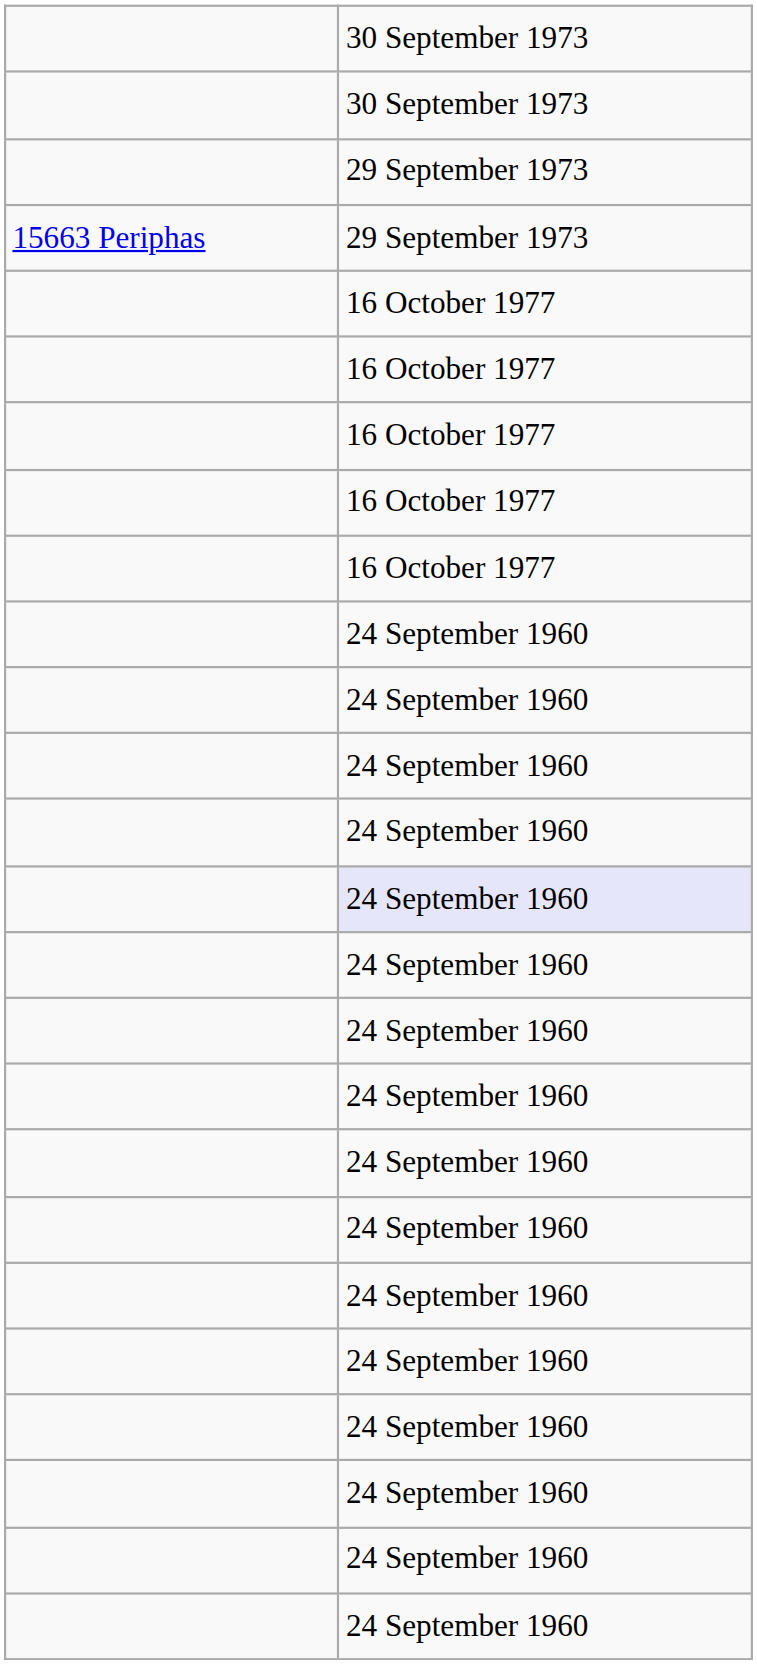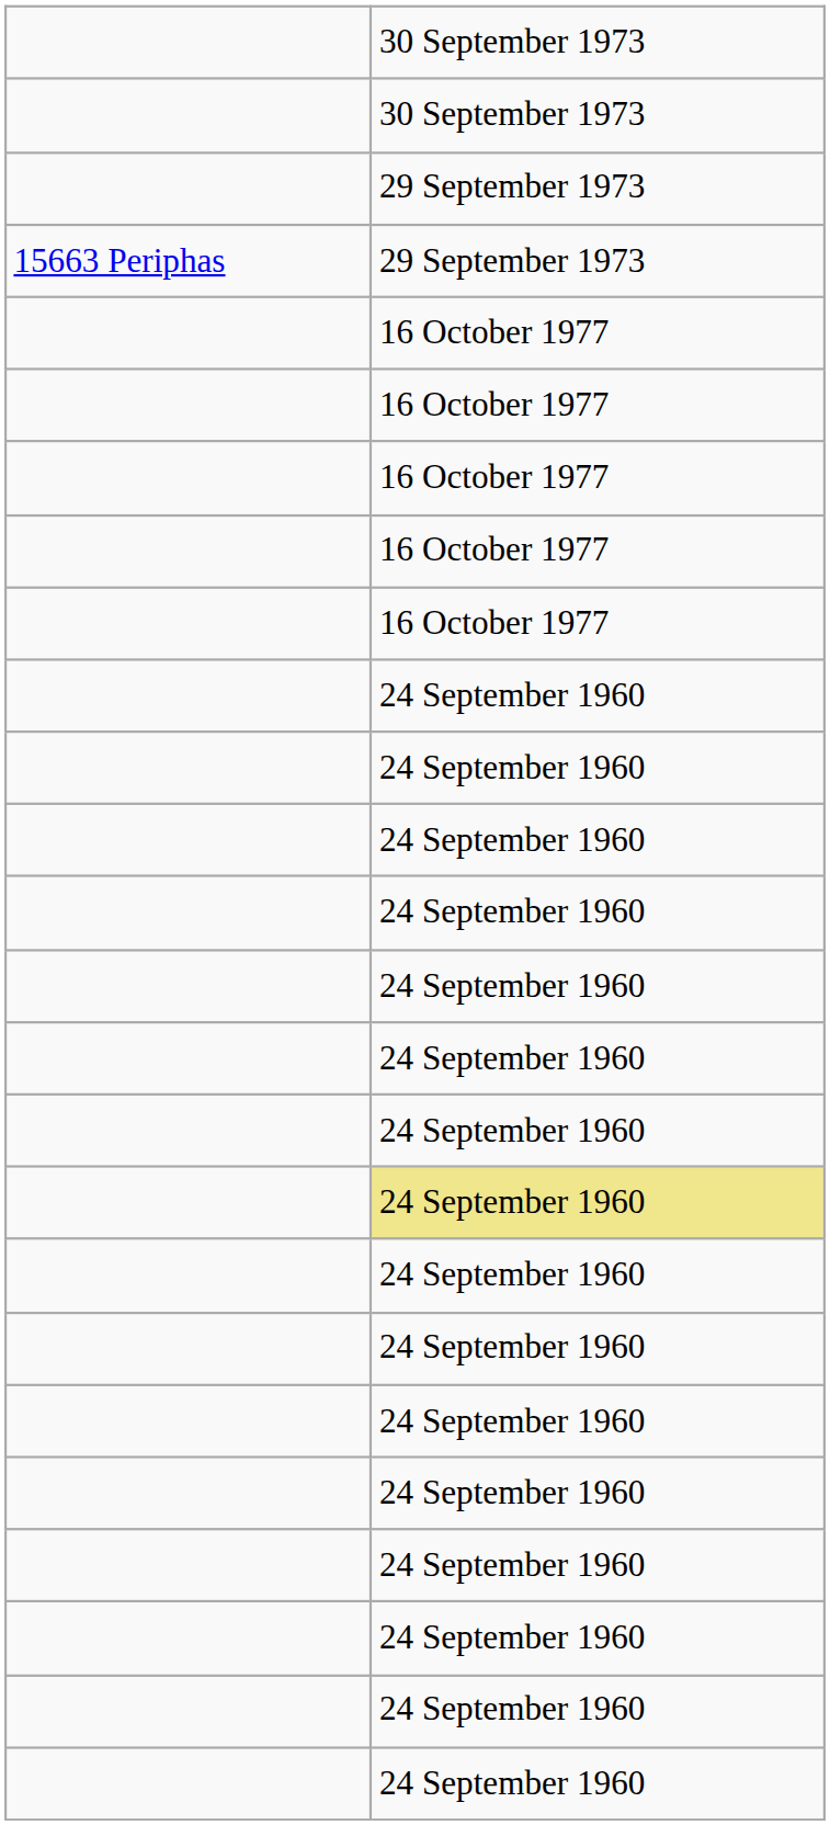 <table class="wikitable" style="font-size: 89%; float: left; width: 24em; margin-right: 1em; line-height: 1.65em">
 <tr>
 <td></td>
 <td>30 September 1973</td>
 </tr>
 <tr>
 <td></td>
 <td>30 September 1973</td>
 </tr>
 <tr>
 <td></td>
 <td>29 September 1973</td>
 </tr>
 <tr>
 <td><a href='#'>15663 Periphas</a></td>
 <td>29 September 1973</td>
 </tr>
 <tr>
 <td></td>
 <td>16 October 1977</td>
 </tr>
 <tr>
 <td></td>
 <td>16 October 1977</td>
 </tr>
 <tr>
 <td></td>
 <td>16 October 1977</td>
 </tr>
 <tr>
 <td></td>
 <td>16 October 1977</td>
 </tr>
 <tr>
 <td></td>
 <td>16 October 1977</td>
 </tr>
 <tr>
 <td></td>
 <td>24 September 1960</td>
 </tr>
 <tr>
 <td></td>
 <td>24 September 1960</td>
 </tr>
 <tr>
 <td></td>
 <td>24 September 1960</td>
 </tr>
 <tr>
 <td></td>
 <td>24 September 1960</td>
 </tr>
 <tr>
 <td></td>
-<td style="background: lavender;">24 September 1960</td>
+<td>24 September 1960</td>
 </tr>
 <tr>
 <td></td>
 <td>24 September 1960</td>
 </tr>
 <tr>
 <td></td>
 <td>24 September 1960</td>
 </tr>
 <tr>
 <td></td>
-<td>24 September 1960</td>
+<td style="background: khaki;">24 September 1960</td>
 </tr>
 <tr>
 <td></td>
 <td>24 September 1960</td>
 </tr>
 <tr>
 <td></td>
 <td>24 September 1960</td>
 </tr>
 <tr>
 <td></td>
 <td>24 September 1960</td>
 </tr>
 <tr>
 <td></td>
 <td>24 September 1960</td>
 </tr>
 <tr>
 <td></td>
 <td>24 September 1960</td>
 </tr>
 <tr>
 <td></td>
 <td>24 September 1960</td>
 </tr>
 <tr>
 <td></td>
 <td>24 September 1960</td>
 </tr>
 <tr>
 <td></td>
 <td>24 September 1960</td>
 </tr>
 </table>
